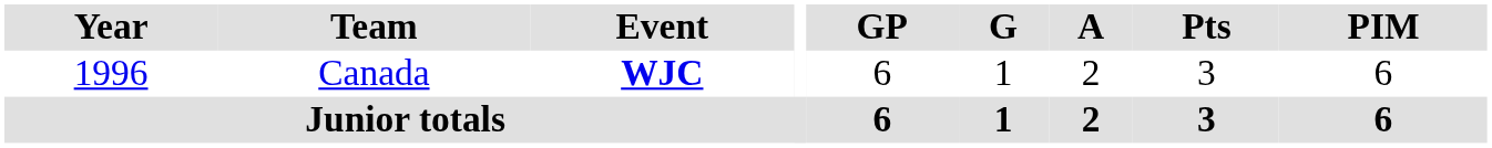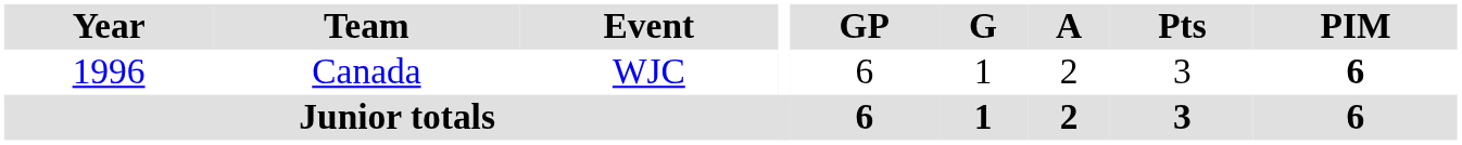 <table border="0" cellpadding="1" cellspacing="0" ID="Table3" style="text-align:center; width:40em">
 <tr bgcolor="#e0e0e0">
 <th>Year</th>
 <th>Team</th>
 <th>Event</th>
 <th rowspan="102" bgcolor="#ffffff"></th>
 <th>GP</th>
 <th>G</th>
 <th>A</th>
 <th>Pts</th>
 <th>PIM</th>
 </tr>
 <tr>
 <td><a href='#'>1996</a></td>
 <td><a href='#'>Canada</a></td>
-<td><strong><a href='#'>WJC</a></strong></td>
+<td><a href='#'>WJC</a></td>
 <td>6</td>
 <td>1</td>
 <td>2</td>
 <td>3</td>
-<td>6</td>
+<td><strong>6</strong></td>
 </tr>
 <tr bgcolor="#e0e0e0">
 <th colspan="4">Junior totals</th>
 <th>6</th>
 <th>1</th>
 <th>2</th>
 <th>3</th>
 <th>6</th>
 </tr>
 </table>
